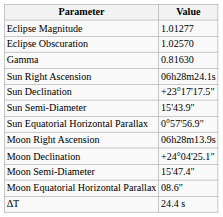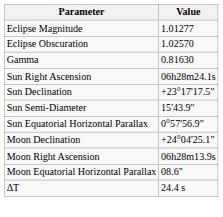 <table class="wikitable">
 <tr>
 <th>Parameter</th>
 <th>Value</th>
 </tr>
 <tr>
 <td>Eclipse Magnitude</td>
 <td>1.01277</td>
 </tr>
 <tr>
 <td>Eclipse Obscuration</td>
 <td>1.02570</td>
 </tr>
 <tr>
 <td>Gamma</td>
 <td>0.81630</td>
 </tr>
 <tr>
 <td>Sun Right Ascension</td>
 <td>06h28m24.1s</td>
 </tr>
 <tr>
 <td>Sun Declination</td>
 <td>+23°17'17.5"</td>
 </tr>
 <tr>
 <td>Sun Semi-Diameter</td>
 <td>15'43.9"</td>
 </tr>
 <tr>
 <td>Sun Equatorial Horizontal Parallax</td>
 <td>0°57'56.9"</td>
 </tr>
 <tr>
-<td>Moon Right Ascension</td>
-<td>06h28m13.9s</td>
-</tr>
-<tr>
 <td>Moon Declination</td>
 <td>+24°04'25.1"</td>
 </tr>
 <tr>
-<td>Moon Semi-Diameter</td>
-<td>15'47.4"</td>
+<td>Moon Right Ascension</td>
+<td>06h28m13.9s</td>
 </tr>
 <tr>
 <td>Moon Equatorial Horizontal Parallax</td>
 <td>08.6"</td>
 </tr>
 <tr>
 <td>ΔT</td>
 <td>24.4 s</td>
 </tr>
 </table>
